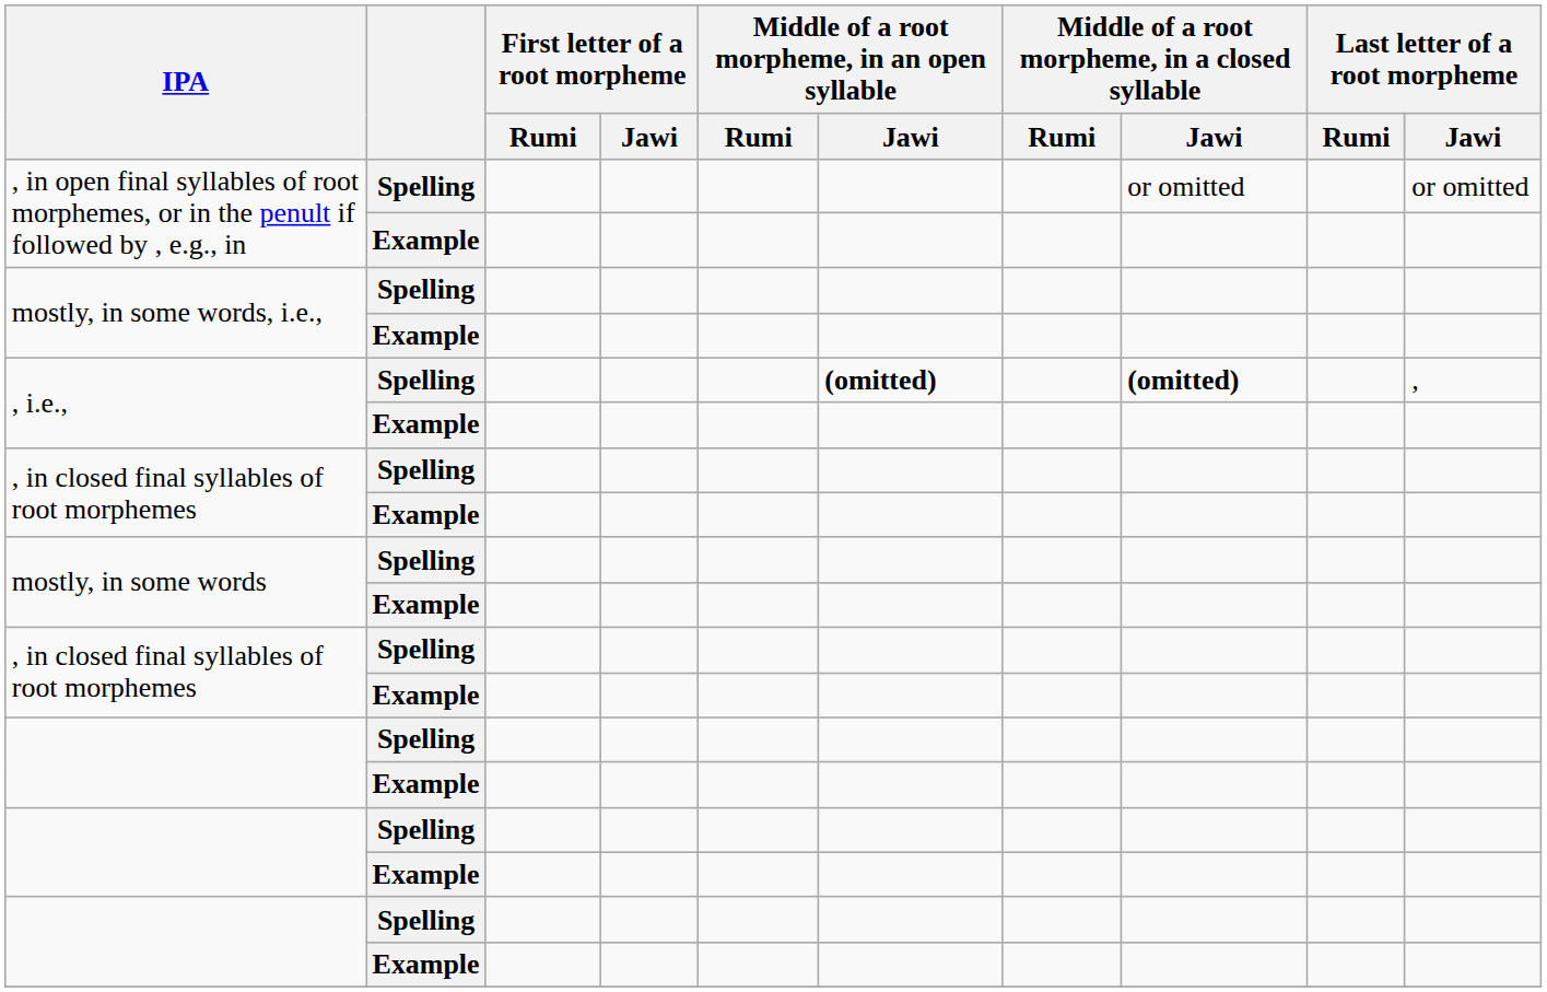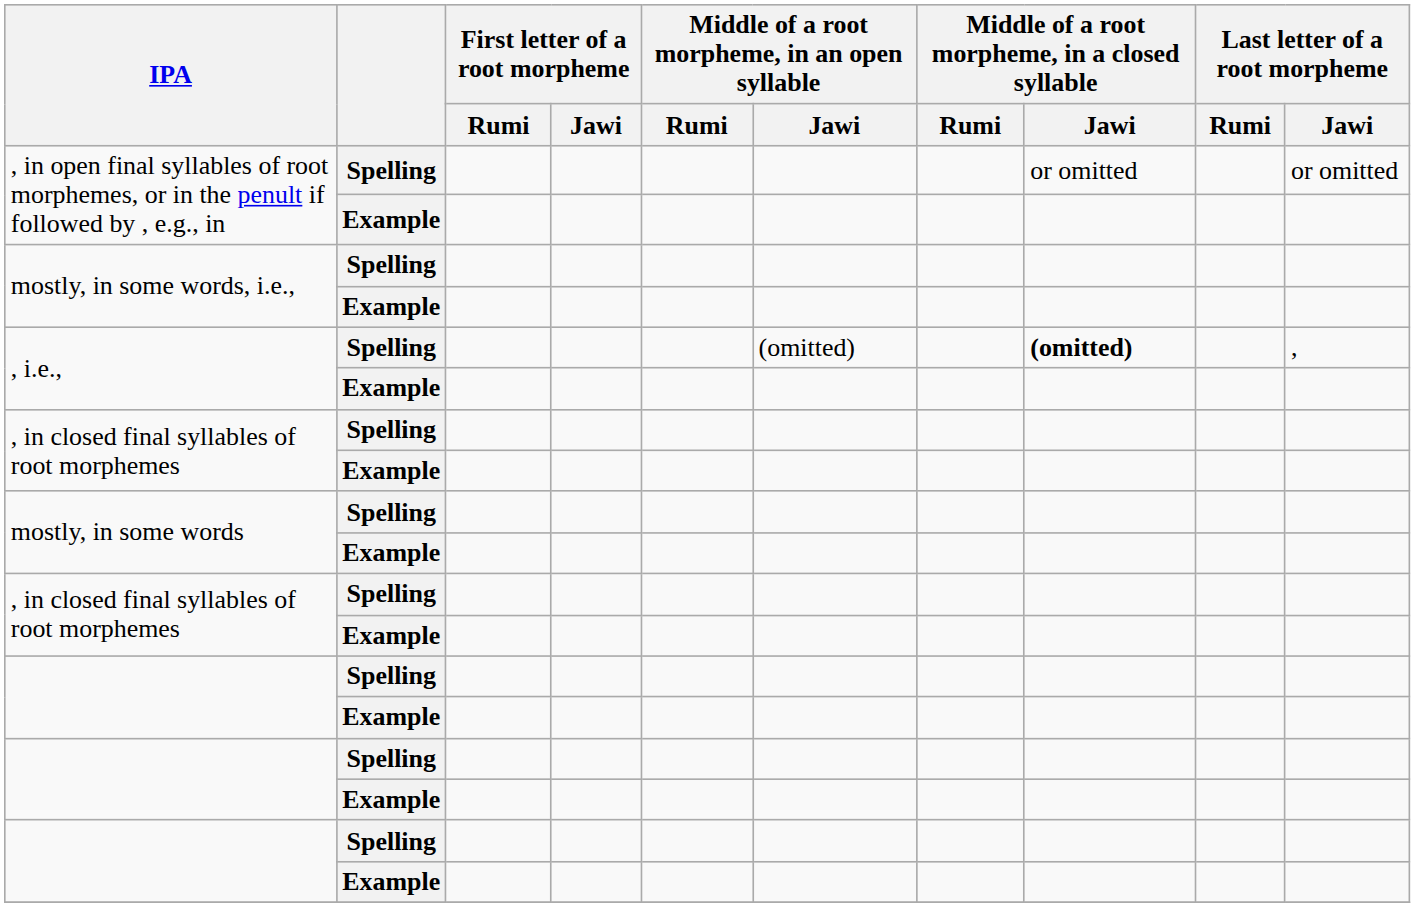 <table class="wikitable">
 <tr>
 <th rowspan="2"><a href='#'>IPA</a></th>
 <th rowspan="2"></th>
 <th colspan="2">First letter of a root morpheme</th>
 <th colspan="2">Middle of a root morpheme, in an open syllable</th>
 <th colspan="2">Middle of a root morpheme, in a closed syllable</th>
 <th colspan="2">Last letter of a root morpheme</th>
 </tr>
 <tr>
 <th>Rumi</th>
 <th>Jawi</th>
 <th>Rumi</th>
 <th>Jawi</th>
 <th>Rumi</th>
 <th>Jawi</th>
 <th>Rumi</th>
 <th>Jawi</th>
 </tr>
 <tr>
 <td rowspan="2">,  in open final syllables of root morphemes, or in the <a href='#'>penult</a> if followed by , e.g., in </td>
 <th>Spelling</th>
 <td></td>
 <td></td>
 <td></td>
 <td></td>
 <td></td>
 <td> or omitted</td>
 <td></td>
 <td> or omitted</td>
 </tr>
 <tr>
 <th>Example</th>
 <td></td>
 <td></td>
 <td></td>
 <td></td>
 <td></td>
 <td></td>
 <td></td>
 <td></td>
 </tr>
 <tr>
 <td rowspan="2"> mostly,  in some words, i.e., </td>
 <th>Spelling</th>
 <td></td>
 <td></td>
 <td></td>
 <td></td>
 <td></td>
 <td></td>
 <td></td>
 <td></td>
 </tr>
 <tr>
 <th>Example</th>
 <td></td>
 <td></td>
 <td></td>
 <td></td>
 <td></td>
 <td></td>
 <td></td>
 <td></td>
 </tr>
 <tr>
 <td rowspan="2">, i.e., </td>
 <th>Spelling</th>
 <td></td>
 <td></td>
 <td></td>
-<td><strong>(omitted)</strong></td>
+<td>(omitted)</td>
 <td></td>
 <td><strong>(omitted)</strong></td>
 <td></td>
 <td>, </td>
 </tr>
 <tr>
 <th>Example</th>
 <td></td>
 <td></td>
 <td></td>
 <td></td>
 <td></td>
 <td></td>
 <td></td>
 <td></td>
 </tr>
 <tr>
 <td rowspan="2">,  in closed final syllables of root morphemes</td>
 <th>Spelling</th>
 <td></td>
 <td></td>
 <td></td>
 <td></td>
 <td></td>
 <td></td>
 <td></td>
 <td></td>
 </tr>
 <tr>
 <th>Example</th>
 <td></td>
 <td></td>
 <td></td>
 <td></td>
 <td></td>
 <td></td>
 <td></td>
 <td></td>
 </tr>
 <tr>
 <td rowspan="2"> mostly,  in some words</td>
 <th>Spelling</th>
 <td></td>
 <td></td>
 <td></td>
 <td></td>
 <td></td>
 <td></td>
 <td></td>
 <td></td>
 </tr>
 <tr>
 <th>Example</th>
 <td></td>
 <td></td>
 <td></td>
 <td></td>
 <td></td>
 <td></td>
 <td></td>
 <td></td>
 </tr>
 <tr>
 <td rowspan="2">,  in closed final syllables of root morphemes</td>
 <th>Spelling</th>
 <td></td>
 <td></td>
 <td></td>
 <td></td>
 <td></td>
 <td></td>
 <td></td>
 <td></td>
 </tr>
 <tr>
 <th>Example</th>
 <td></td>
 <td></td>
 <td></td>
 <td></td>
 <td></td>
 <td></td>
 <td></td>
 <td></td>
 </tr>
 <tr>
 <td rowspan="2"></td>
 <th>Spelling</th>
 <td></td>
 <td></td>
 <td></td>
 <td></td>
 <td></td>
 <td></td>
 <td></td>
 <td></td>
 </tr>
 <tr>
 <th>Example</th>
 <td></td>
 <td></td>
 <td></td>
 <td></td>
 <td></td>
 <td></td>
 <td></td>
 <td></td>
 </tr>
 <tr>
 <td rowspan="2"></td>
 <th>Spelling</th>
 <td></td>
 <td></td>
 <td></td>
 <td></td>
 <td></td>
 <td></td>
 <td></td>
 <td></td>
 </tr>
 <tr>
 <th>Example</th>
 <td></td>
 <td></td>
 <td></td>
 <td></td>
 <td></td>
 <td></td>
 <td></td>
 <td></td>
 </tr>
 <tr>
 <td rowspan="2"></td>
 <th>Spelling</th>
 <td></td>
 <td></td>
 <td></td>
 <td></td>
 <td></td>
 <td></td>
 <td></td>
 <td></td>
 </tr>
 <tr>
 <th>Example</th>
 <td></td>
 <td></td>
 <td></td>
 <td></td>
 <td></td>
 <td></td>
 <td></td>
 <td></td>
 </tr>
 <tr>
 </tr>
 </table>
